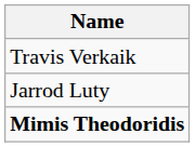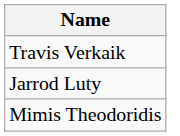 <table class="wikitable">
 <tr>
 <th>Name</th>
 </tr>
 <tr>
 <td> Travis Verkaik</td>
 </tr>
 <tr>
 <td> Jarrod Luty</td>
 </tr>
 <tr>
-<td><strong> Mimis Theodoridis</strong></td>
+<td> Mimis Theodoridis</td>
 </tr>
 </table>
